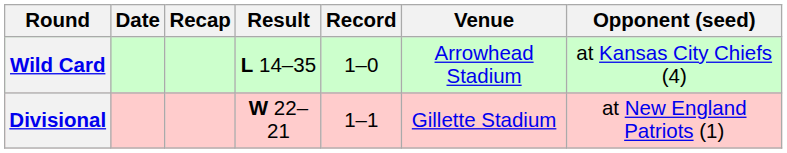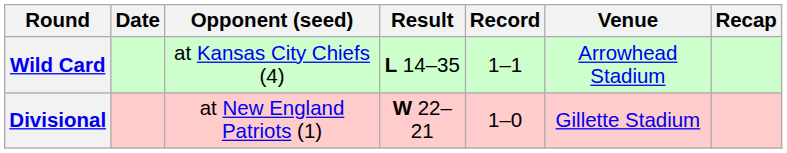 <table class="wikitable" style="text-align:center">
 <tr>
 <th>Round</th>
 <th>Date</th>
-<th>Recap</th>
+<th>Opponent (seed)</th>
 <th>Result</th>
 <th>Record</th>
 <th>Venue</th>
-<th>Opponent (seed)</th>
+<th>Recap</th>
 </tr>
 <tr style="background:#cfc">
 <th><a href='#'>Wild Card</a></th>
 <td></td>
+<td>at <a href='#'>Kansas City Chiefs</a> (4)</td>
+<td><strong>L</strong> 14–35</td>
+<td>1–1</td>
+<td><a href='#'>Arrowhead Stadium</a></td>
 <td></td>
-<td><strong>L</strong> 14–35</td>
-<td>1–0</td>
-<td><a href='#'>Arrowhead Stadium</a></td>
-<td>at <a href='#'>Kansas City Chiefs</a> (4)</td>
 </tr>
 <tr style="background:#fcc">
 <th><a href='#'>Divisional</a></th>
 <td></td>
+<td>at <a href='#'>New England Patriots</a> (1)</td>
+<td><strong>W</strong> 22–21</td>
+<td>1–0</td>
+<td><a href='#'>Gillette Stadium</a></td>
 <td></td>
-<td><strong>W</strong> 22–21</td>
-<td>1–1</td>
-<td><a href='#'>Gillette Stadium</a></td>
-<td>at <a href='#'>New England Patriots</a> (1)</td>
 </tr>
 </table>
